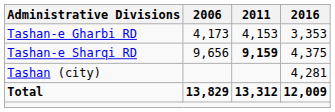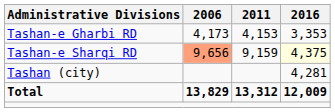 <table class="wikitable">
 <tr>
 <th>Administrative Divisions</th>
 <th>2006</th>
 <th>2011</th>
 <th>2016</th>
 </tr>
 <tr>
 <td><a href='#'>Tashan-e Gharbi RD</a></td>
 <td style="text-align: right;">4,173</td>
 <td style="text-align: right;">4,153</td>
 <td style="text-align: right;">3,353</td>
 </tr>
 <tr>
 <td><a href='#'>Tashan-e Sharqi RD</a></td>
-<td style="text-align: right;">9,656</td>
-<td style="text-align: right;"><strong>9,159</strong></td>
-<td style="text-align: right;">4,375</td>
+<td style="background: lightsalmon; text-align: right;">9,656</td>
+<td style="text-align: right;">9,159</td>
+<td style="background: lightyellow; text-align: right;">4,375</td>
 </tr>
 <tr>
 <td><a href='#'>Tashan</a> (city)</td>
 <td style="text-align: right;"></td>
 <td style="text-align: right;"></td>
 <td style="text-align: right;">4,281</td>
 </tr>
 <tr>
 <td><strong>Total</strong></td>
 <td style="text-align: right;"><strong>13,829</strong></td>
 <td style="text-align: right;"><strong>13,312</strong></td>
 <td style="text-align: right;"><strong>12,009</strong></td>
 </tr>
 <tr>
 <td colspan=4></td>
 </tr>
 </table>
